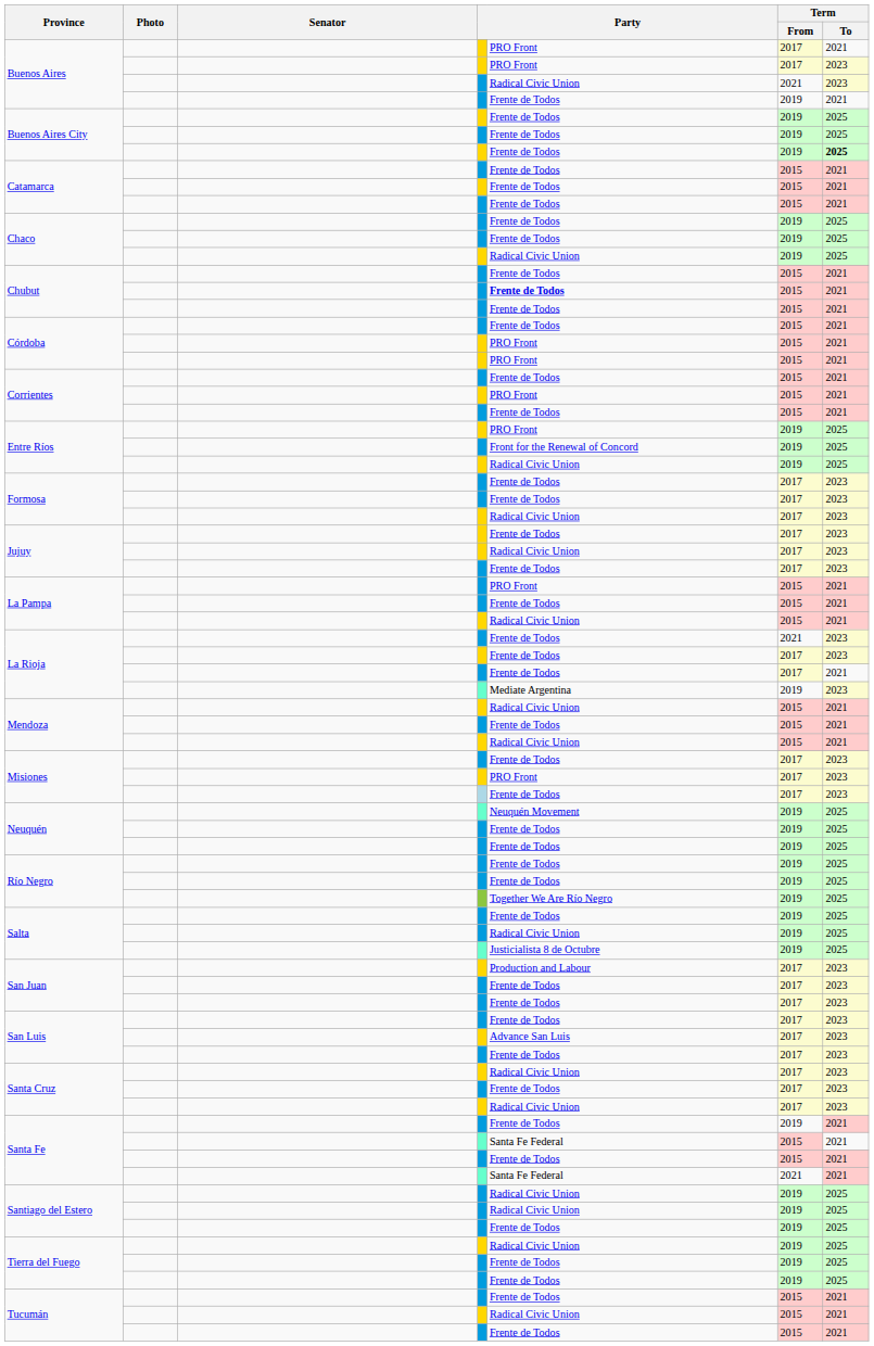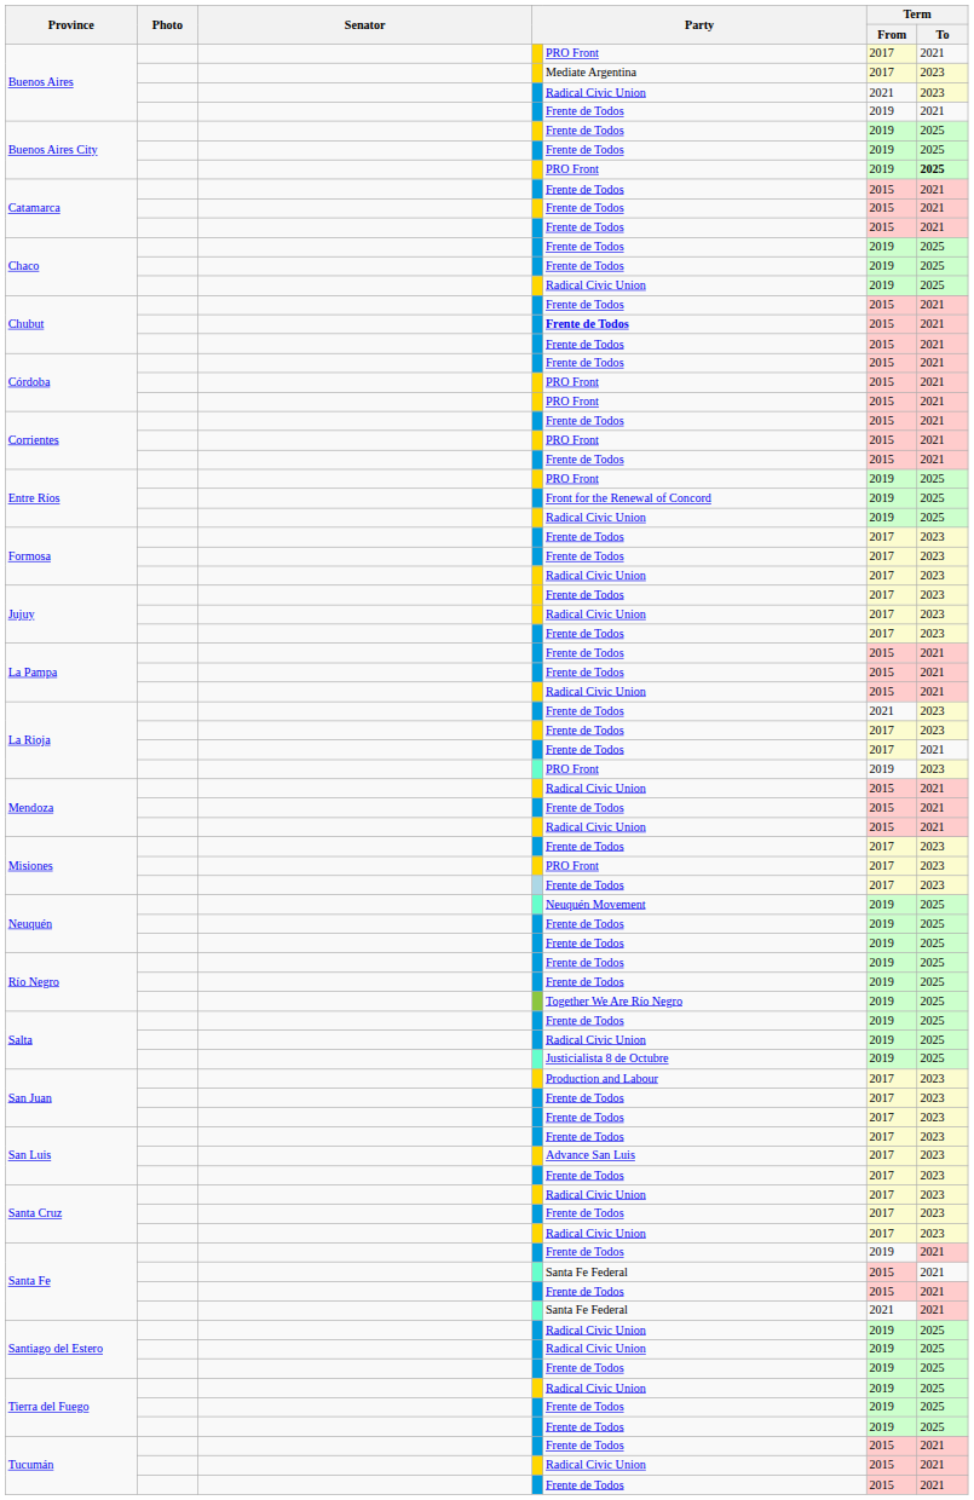 <table class="sortable wikitable" width="100%">
 <tr>
 <th width=13% rowspan=2>Province</th>
 <th width=6% rowspan=2>Photo</th>
 <th width=33% rowspan=2>Senator</th>
 <th width=33% colspan=2 rowspan=2>Party</th>
 <th colspan=2>Term</th>
 </tr>
 <tr>
 <th width=5%>From</th>
 <th width=5%>To</th>
 </tr>
 <tr>
 <td rowspan=4><a href='#'>Buenos Aires</a></td>
 <td></td>
 <td></td>
 <td bgcolor=#FFD700></td>
 <td><a href='#'>PRO Front</a></td>
 <td bgcolor=#fcfccf>2017</td>
 <td>2021</td>
 </tr>
 <tr>
 <td></td>
 <td></td>
 <td bgcolor=#FFD700></td>
-<td><a href='#'>PRO Front</a></td>
+<td>Mediate Argentina</td>
 <td bgcolor=#fcfccf>2017</td>
 <td bgcolor=#fcfccf>2023</td>
 </tr>
 <tr>
 <td></td>
 <td></td>
 <td bgcolor=#009CDE></td>
 <td><a href='#'>Radical Civic Union</a></td>
 <td>2021</td>
 <td bgcolor=#fcfccf>2023</td>
 </tr>
 <tr>
 <td></td>
 <td></td>
 <td bgcolor=#009CDE></td>
 <td><a href='#'>Frente de Todos</a></td>
 <td>2019</td>
 <td>2021</td>
 </tr>
 <tr>
 <td rowspan=3><a href='#'>Buenos Aires City</a></td>
 <td></td>
 <td></td>
 <td bgcolor=#FFD700></td>
 <td><a href='#'>Frente de Todos</a></td>
 <td bgcolor=#cfc>2019</td>
 <td bgcolor=#cfc>2025</td>
 </tr>
 <tr>
 <td></td>
 <td></td>
 <td bgcolor=#009CDE></td>
 <td><a href='#'>Frente de Todos</a></td>
 <td bgcolor=#cfc>2019</td>
 <td bgcolor=#cfc>2025</td>
 </tr>
 <tr>
 <td></td>
 <td></td>
 <td bgcolor=#FFD700></td>
-<td><a href='#'>Frente de Todos</a></td>
+<td><a href='#'>PRO Front</a></td>
 <td bgcolor=#cfc>2019</td>
 <td bgcolor=#cfc><strong>2025</strong></td>
 </tr>
 <tr>
 <td rowspan=3><a href='#'>Catamarca</a></td>
 <td></td>
 <td></td>
 <td bgcolor=#009CDE></td>
 <td><a href='#'>Frente de Todos</a></td>
 <td bgcolor=#fcc>2015</td>
 <td bgcolor=#fcc>2021</td>
 </tr>
 <tr>
 <td></td>
 <td></td>
 <td bgcolor=#FFD700></td>
 <td><a href='#'>Frente de Todos</a></td>
 <td bgcolor=#fcc>2015</td>
 <td bgcolor=#fcc>2021</td>
 </tr>
 <tr>
 <td></td>
 <td></td>
 <td bgcolor=#009CDE></td>
 <td><a href='#'>Frente de Todos</a></td>
 <td bgcolor=#fcc>2015</td>
 <td bgcolor=#fcc>2021</td>
 </tr>
 <tr>
 <td rowspan=3><a href='#'>Chaco</a></td>
 <td></td>
 <td></td>
 <td bgcolor=#009CDE></td>
 <td><a href='#'>Frente de Todos</a></td>
 <td bgcolor= #cfc>2019</td>
 <td bgcolor= #cfc>2025</td>
 </tr>
 <tr>
 <td></td>
 <td></td>
 <td bgcolor=#009CDE></td>
 <td><a href='#'>Frente de Todos</a></td>
 <td bgcolor= #cfc>2019</td>
 <td bgcolor= #cfc>2025</td>
 </tr>
 <tr>
 <td></td>
 <td></td>
 <td bgcolor=#FFD700></td>
 <td><a href='#'>Radical Civic Union</a></td>
 <td bgcolor= #cfc>2019</td>
 <td bgcolor= #cfc>2025</td>
 </tr>
 <tr>
 <td rowspan=3><a href='#'>Chubut</a></td>
 <td></td>
 <td></td>
 <td bgcolor=#009CDE></td>
 <td><a href='#'>Frente de Todos</a></td>
 <td bgcolor= #fcc>2015</td>
 <td bgcolor= #fcc>2021</td>
 </tr>
 <tr>
 <td></td>
 <td></td>
 <td bgcolor=#009CDE></td>
 <td><strong><a href='#'>Frente de Todos</a></strong></td>
 <td bgcolor= #fcc>2015</td>
 <td bgcolor= #fcc>2021</td>
 </tr>
 <tr>
 <td></td>
 <td></td>
 <td bgcolor=#009CDE></td>
 <td><a href='#'>Frente de Todos</a></td>
 <td bgcolor= #fcc>2015</td>
 <td bgcolor= #fcc>2021</td>
 </tr>
 <tr>
 <td rowspan=3><a href='#'>Córdoba</a></td>
 <td></td>
 <td></td>
 <td bgcolor=#009CDE></td>
 <td><a href='#'>Frente de Todos</a></td>
 <td bgcolor=#fcc>2015</td>
 <td bgcolor=#fcc>2021</td>
 </tr>
 <tr>
 <td></td>
 <td></td>
 <td bgcolor=#FFD700></td>
 <td><a href='#'>PRO Front</a></td>
 <td bgcolor=#fcc>2015</td>
 <td bgcolor=#fcc>2021</td>
 </tr>
 <tr>
 <td></td>
 <td></td>
 <td bgcolor=#FFD700></td>
 <td><a href='#'>PRO Front</a></td>
 <td bgcolor=#fcc>2015</td>
 <td bgcolor=#fcc>2021</td>
 </tr>
 <tr>
 <td rowspan=3><a href='#'>Corrientes</a></td>
 <td></td>
 <td></td>
 <td bgcolor=#009CDE></td>
 <td><a href='#'>Frente de Todos</a></td>
 <td bgcolor= #fcc>2015</td>
 <td bgcolor= #fcc>2021</td>
 </tr>
 <tr>
 <td></td>
 <td></td>
 <td bgcolor=#FFD700></td>
 <td><a href='#'>PRO Front</a></td>
 <td bgcolor= #fcc>2015</td>
 <td bgcolor= #fcc>2021</td>
 </tr>
 <tr>
 <td></td>
 <td></td>
 <td bgcolor=#009CDE></td>
 <td><a href='#'>Frente de Todos</a></td>
 <td bgcolor= #fcc>2015</td>
 <td bgcolor= #fcc>2021</td>
 </tr>
 <tr>
 <td rowspan=3><a href='#'>Entre Ríos</a></td>
 <td></td>
 <td></td>
 <td bgcolor=#FFD700></td>
 <td><a href='#'>PRO Front</a></td>
 <td bgcolor= #cfc>2019</td>
 <td bgcolor= #cfc>2025</td>
 </tr>
 <tr>
 <td></td>
 <td></td>
 <td bgcolor=#009CDE></td>
 <td><a href='#'>Front for the Renewal of Concord</a></td>
 <td bgcolor= #cfc>2019</td>
 <td bgcolor= #cfc>2025</td>
 </tr>
 <tr>
 <td></td>
 <td></td>
 <td bgcolor=#FFD700></td>
 <td><a href='#'>Radical Civic Union</a></td>
 <td bgcolor= #cfc>2019</td>
 <td bgcolor= #cfc>2025</td>
 </tr>
 <tr>
 <td rowspan=3><a href='#'>Formosa</a></td>
 <td></td>
 <td></td>
 <td bgcolor=#009CDE></td>
 <td><a href='#'>Frente de Todos</a></td>
 <td bgcolor=#fcfccf>2017</td>
 <td bgcolor=#fcfccf>2023</td>
 </tr>
 <tr>
 <td></td>
 <td></td>
 <td bgcolor=#009CDE></td>
 <td><a href='#'>Frente de Todos</a></td>
 <td bgcolor=#fcfccf>2017</td>
 <td bgcolor=#fcfccf>2023</td>
 </tr>
 <tr>
 <td></td>
 <td></td>
 <td bgcolor=#FFD700></td>
 <td><a href='#'>Radical Civic Union</a></td>
 <td bgcolor=#fcfccf>2017</td>
 <td bgcolor=#fcfccf>2023</td>
 </tr>
 <tr>
 <td rowspan=3><a href='#'>Jujuy</a></td>
 <td></td>
 <td></td>
 <td bgcolor=#FFD700></td>
 <td><a href='#'>Frente de Todos</a></td>
 <td bgcolor= #fcfccf>2017</td>
 <td bgcolor= #fcfccf>2023</td>
 </tr>
 <tr>
 <td></td>
 <td></td>
 <td bgcolor=#FFD700></td>
 <td><a href='#'>Radical Civic Union</a></td>
 <td bgcolor= #fcfccf>2017</td>
 <td bgcolor= #fcfccf>2023</td>
 </tr>
 <tr>
 <td></td>
 <td></td>
 <td bgcolor=#009CDE></td>
 <td><a href='#'>Frente de Todos</a></td>
 <td bgcolor= #fcfccf>2017</td>
 <td bgcolor= #fcfccf>2023</td>
 </tr>
 <tr>
 <td rowspan=3><a href='#'>La Pampa</a></td>
 <td></td>
 <td></td>
 <td bgcolor=#009CDE></td>
-<td><a href='#'>PRO Front</a></td>
+<td><a href='#'>Frente de Todos</a></td>
 <td bgcolor=#fcc>2015</td>
 <td bgcolor=#fcc>2021</td>
 </tr>
 <tr>
 <td></td>
 <td></td>
 <td bgcolor=#009CDE></td>
 <td><a href='#'>Frente de Todos</a></td>
 <td bgcolor=#fcc>2015</td>
 <td bgcolor=#fcc>2021</td>
 </tr>
 <tr>
 <td></td>
 <td></td>
 <td bgcolor=#FFD700></td>
 <td><a href='#'>Radical Civic Union</a></td>
 <td bgcolor=#fcc>2015</td>
 <td bgcolor=#fcc>2021</td>
 </tr>
 <tr>
 <td rowspan=4><a href='#'>La Rioja</a></td>
 <td></td>
 <td></td>
 <td bgcolor=#009CDE></td>
 <td><a href='#'>Frente de Todos</a></td>
 <td>2021</td>
 <td bgcolor=#fcfccf>2023</td>
 </tr>
 <tr>
 <td></td>
 <td></td>
 <td bgcolor=#FFD700></td>
 <td><a href='#'>Frente de Todos</a></td>
 <td bgcolor=#fcfccf>2017</td>
 <td bgcolor=#fcfccf>2023</td>
 </tr>
 <tr>
 <td></td>
 <td></td>
 <td bgcolor=#009CDE></td>
 <td><a href='#'>Frente de Todos</a></td>
 <td bgcolor=#fcfccf>2017</td>
 <td>2021</td>
 </tr>
 <tr>
 <td></td>
 <td></td>
 <td bgcolor=#66FFCC></td>
-<td>Mediate Argentina</td>
+<td><a href='#'>PRO Front</a></td>
 <td>2019</td>
 <td bgcolor=#fcfccf>2023</td>
 </tr>
 <tr>
 <td rowspan=3><a href='#'>Mendoza</a></td>
 <td></td>
 <td></td>
 <td bgcolor=#FFD700></td>
 <td><a href='#'>Radical Civic Union</a></td>
 <td bgcolor=#fcc>2015</td>
 <td bgcolor=#fcc>2021</td>
 </tr>
 <tr>
 <td></td>
 <td></td>
 <td bgcolor=#009CDE></td>
 <td><a href='#'>Frente de Todos</a></td>
 <td bgcolor=#fcc>2015</td>
 <td bgcolor=#fcc>2021</td>
 </tr>
 <tr>
 <td></td>
 <td></td>
 <td bgcolor=#FFD700></td>
 <td><a href='#'>Radical Civic Union</a></td>
 <td bgcolor=#fcc>2015</td>
 <td bgcolor=#fcc>2021</td>
 </tr>
 <tr>
 <td rowspan=3><a href='#'>Misiones</a></td>
 <td></td>
 <td></td>
 <td bgcolor=#009CDE></td>
 <td><a href='#'>Frente de Todos</a></td>
 <td bgcolor= #fcfccf>2017</td>
 <td bgcolor= #fcfccf>2023</td>
 </tr>
 <tr>
 <td></td>
 <td></td>
 <td bgcolor=#FFD700></td>
 <td><a href='#'>PRO Front</a></td>
 <td bgcolor= #fcfccf>2017</td>
 <td bgcolor= #fcfccf>2023</td>
 </tr>
 <tr>
 <td></td>
 <td></td>
 <td bgcolor=#add8e6></td>
 <td><a href='#'>Frente de Todos</a></td>
 <td bgcolor= #fcfccf>2017</td>
 <td bgcolor= #fcfccf>2023</td>
 </tr>
 <tr>
 <td rowspan=3><a href='#'>Neuquén</a></td>
 <td></td>
 <td></td>
 <td bgcolor=#66FFCC></td>
 <td><a href='#'>Neuquén Movement</a></td>
 <td bgcolor=#cfc>2019</td>
 <td bgcolor=#cfc>2025</td>
 </tr>
 <tr>
 <td></td>
 <td></td>
 <td bgcolor=#009CDE></td>
 <td><a href='#'>Frente de Todos</a></td>
 <td bgcolor=#cfc>2019</td>
 <td bgcolor=#cfc>2025</td>
 </tr>
 <tr>
 <td></td>
 <td></td>
 <td bgcolor=#009CDE></td>
 <td><a href='#'>Frente de Todos</a></td>
 <td bgcolor=#cfc>2019</td>
 <td bgcolor=#cfc>2025</td>
 </tr>
 <tr>
 <td rowspan=3><a href='#'>Río Negro</a></td>
 <td></td>
 <td></td>
 <td bgcolor=#009CDE></td>
 <td><a href='#'>Frente de Todos</a></td>
 <td bgcolor= #cfc>2019</td>
 <td bgcolor= #cfc>2025</td>
 </tr>
 <tr>
 <td></td>
 <td></td>
 <td bgcolor=#009CDE></td>
 <td><a href='#'>Frente de Todos</a></td>
 <td bgcolor= #cfc>2019</td>
 <td bgcolor= #cfc>2025</td>
 </tr>
 <tr>
 <td></td>
 <td></td>
 <td bgcolor= #8cc63f></td>
 <td><a href='#'>Together We Are Río Negro</a></td>
 <td bgcolor= #cfc>2019</td>
 <td bgcolor= #cfc>2025</td>
 </tr>
 <tr>
 <td rowspan=3><a href='#'>Salta</a></td>
 <td></td>
 <td></td>
 <td bgcolor=#009CDE></td>
 <td><a href='#'>Frente de Todos</a></td>
 <td bgcolor=#cfc>2019</td>
 <td bgcolor=#cfc>2025</td>
 </tr>
 <tr>
 <td></td>
 <td></td>
 <td bgcolor=#009CDE></td>
 <td><a href='#'>Radical Civic Union</a></td>
 <td bgcolor=#cfc>2019</td>
 <td bgcolor=#cfc>2025</td>
 </tr>
 <tr>
 <td></td>
 <td></td>
 <td bgcolor=#66FFCC></td>
 <td><a href='#'>Justicialista 8 de Octubre</a></td>
 <td bgcolor=#cfc>2019</td>
 <td bgcolor=#cfc>2025</td>
 </tr>
 <tr>
 <td rowspan=3><a href='#'>San Juan</a></td>
 <td></td>
 <td></td>
 <td bgcolor=#FFD700></td>
 <td><a href='#'>Production and Labour</a></td>
 <td bgcolor=#fcfccf>2017</td>
 <td bgcolor=#fcfccf>2023</td>
 </tr>
 <tr>
 <td></td>
 <td></td>
 <td bgcolor=#009CDE></td>
 <td><a href='#'>Frente de Todos</a></td>
 <td bgcolor=#fcfccf>2017</td>
 <td bgcolor=#fcfccf>2023</td>
 </tr>
 <tr>
 <td></td>
 <td></td>
 <td bgcolor=#009CDE></td>
 <td><a href='#'>Frente de Todos</a></td>
 <td bgcolor=#fcfccf>2017</td>
 <td bgcolor=#fcfccf>2023</td>
 </tr>
 <tr>
 <td rowspan=3><a href='#'>San Luis</a></td>
 <td></td>
 <td></td>
 <td bgcolor=#009CDE></td>
 <td><a href='#'>Frente de Todos</a></td>
 <td bgcolor=#fcfccf>2017</td>
 <td bgcolor=#fcfccf>2023</td>
 </tr>
 <tr>
 <td></td>
 <td></td>
 <td bgcolor=#FFD700></td>
 <td><a href='#'>Advance San Luis</a></td>
 <td bgcolor=#fcfccf>2017</td>
 <td bgcolor=#fcfccf>2023</td>
 </tr>
 <tr>
 <td></td>
 <td></td>
 <td bgcolor=#009CDE></td>
 <td><a href='#'>Frente de Todos</a></td>
 <td bgcolor=#fcfccf>2017</td>
 <td bgcolor=#fcfccf>2023</td>
 </tr>
 <tr>
 <td rowspan=3><a href='#'>Santa Cruz</a></td>
 <td></td>
 <td></td>
 <td bgcolor=#FFD700></td>
 <td><a href='#'>Radical Civic Union</a></td>
 <td bgcolor=#fcfccf>2017</td>
 <td bgcolor=#fcfccf>2023</td>
 </tr>
 <tr>
 <td></td>
 <td></td>
 <td bgcolor=#009CDE></td>
 <td><a href='#'>Frente de Todos</a></td>
 <td bgcolor=#fcfccf>2017</td>
 <td bgcolor=#fcfccf>2023</td>
 </tr>
 <tr>
 <td></td>
 <td></td>
 <td bgcolor=#FFD700></td>
 <td><a href='#'>Radical Civic Union</a></td>
 <td bgcolor=#fcfccf>2017</td>
 <td bgcolor=#fcfccf>2023</td>
 </tr>
 <tr>
 <td rowspan=4><a href='#'>Santa Fe</a></td>
 <td></td>
 <td></td>
 <td bgcolor=#009CDE></td>
 <td><a href='#'>Frente de Todos</a></td>
 <td>2019</td>
 <td bgcolor=#fcc>2021</td>
 </tr>
 <tr>
 <td></td>
 <td></td>
 <td bgcolor=#66FFCC></td>
 <td>Santa Fe Federal</td>
 <td bgcolor=#fcc>2015</td>
 <td>2021</td>
 </tr>
 <tr>
 <td></td>
 <td></td>
 <td bgcolor=#009CDE></td>
 <td><a href='#'>Frente de Todos</a></td>
 <td bgcolor=#fcc>2015</td>
 <td bgcolor=#fcc>2021</td>
 </tr>
 <tr>
 <td></td>
 <td></td>
 <td bgcolor=#66FFCC></td>
 <td>Santa Fe Federal</td>
 <td>2021</td>
 <td bgcolor=#fcc>2021</td>
 </tr>
 <tr>
 <td rowspan=3><a href='#'>Santiago del Estero</a></td>
 <td></td>
 <td></td>
 <td bgcolor=#009CDE></td>
 <td><a href='#'>Radical Civic Union</a></td>
 <td bgcolor=#cfc>2019</td>
 <td bgcolor=#cfc>2025</td>
 </tr>
 <tr>
 <td></td>
 <td></td>
 <td bgcolor=#009CDE></td>
 <td><a href='#'>Radical Civic Union</a></td>
 <td bgcolor=#cfc>2019</td>
 <td bgcolor=#cfc>2025</td>
 </tr>
 <tr>
 <td></td>
 <td></td>
 <td bgcolor=#009CDE></td>
 <td><a href='#'>Frente de Todos</a></td>
 <td bgcolor=#cfc>2019</td>
 <td bgcolor=#cfc>2025</td>
 </tr>
 <tr>
 <td rowspan=3><a href='#'>Tierra del Fuego</a></td>
 <td></td>
 <td></td>
 <td bgcolor=#FFD700></td>
 <td><a href='#'>Radical Civic Union</a></td>
 <td bgcolor=#cfc>2019</td>
 <td bgcolor=#cfc>2025</td>
 </tr>
 <tr>
 <td></td>
 <td></td>
 <td bgcolor=#009CDE></td>
 <td><a href='#'>Frente de Todos</a></td>
 <td bgcolor=#cfc>2019</td>
 <td bgcolor=#cfc>2025</td>
 </tr>
 <tr>
 <td></td>
 <td></td>
 <td bgcolor=#009CDE></td>
 <td><a href='#'>Frente de Todos</a></td>
 <td bgcolor=#cfc>2019</td>
 <td bgcolor=#cfc>2025</td>
 </tr>
 <tr>
 <td rowspan=3><a href='#'>Tucumán</a></td>
 <td></td>
 <td></td>
 <td bgcolor= #009CDE></td>
 <td><a href='#'>Frente de Todos</a></td>
 <td bgcolor=#fcc>2015</td>
 <td bgcolor=#fcc>2021</td>
 </tr>
 <tr>
 <td></td>
 <td></td>
 <td bgcolor=#FFD700></td>
 <td><a href='#'>Radical Civic Union</a></td>
 <td bgcolor=#fcc>2015</td>
 <td bgcolor=#fcc>2021</td>
 </tr>
 <tr>
 <td></td>
 <td></td>
 <td bgcolor= #009CDE></td>
 <td><a href='#'>Frente de Todos</a></td>
 <td bgcolor=#fcc>2015</td>
 <td bgcolor=#fcc>2021</td>
 </tr>
 </table>
